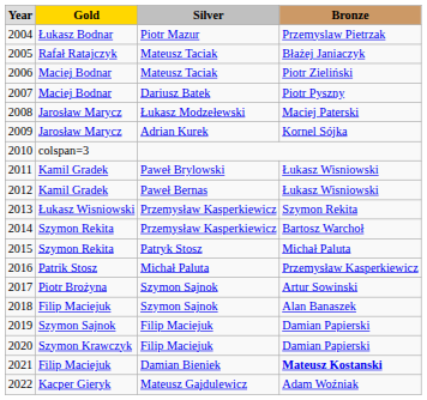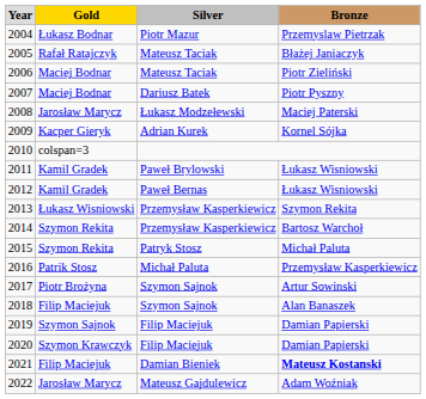 <table class="wikitable" style="text-align:left;">
 <tr>
 <td style="background:#DDDDDD; font-weight:bold; text-align:center;">Year</td>
 <td style="background:gold; font-weight:bold; text-align:center;">Gold</td>
 <td style="background:silver; font-weight:bold; text-align:center;">Silver</td>
 <td style="background:#cc9966; font-weight:bold; text-align:center;">Bronze</td>
 </tr>
 <tr>
 <td>2004</td>
 <td><a href='#'>Łukasz Bodnar</a></td>
 <td><a href='#'>Piotr Mazur</a></td>
 <td><a href='#'>Przemyslaw Pietrzak</a></td>
 </tr>
 <tr>
 <td>2005</td>
 <td><a href='#'>Rafał Ratajczyk</a></td>
 <td><a href='#'>Mateusz Taciak</a></td>
 <td><a href='#'>Błażej Janiaczyk</a></td>
 </tr>
 <tr>
 <td>2006</td>
 <td><a href='#'>Maciej Bodnar</a></td>
 <td><a href='#'>Mateusz Taciak</a></td>
 <td><a href='#'>Piotr Zieliński</a></td>
 </tr>
 <tr>
 <td>2007</td>
 <td><a href='#'>Maciej Bodnar</a></td>
 <td><a href='#'>Dariusz Batek</a></td>
 <td><a href='#'>Piotr Pyszny</a></td>
 </tr>
 <tr>
 <td>2008</td>
 <td><a href='#'>Jarosław Marycz</a></td>
 <td><a href='#'>Łukasz Modzełewski</a></td>
 <td><a href='#'>Maciej Paterski</a></td>
 </tr>
 <tr>
 <td>2009</td>
-<td><a href='#'>Jarosław Marycz</a></td>
+<td><a href='#'>Kacper Gieryk</a></td>
 <td><a href='#'>Adrian Kurek</a></td>
 <td><a href='#'>Kornel Sójka</a></td>
 </tr>
 <tr>
 <td>2010</td>
 <td>colspan=3 </td>
 </tr>
 <tr>
 <td>2011</td>
 <td><a href='#'>Kamil Gradek</a></td>
 <td><a href='#'>Paweł Brylowski</a></td>
 <td><a href='#'>Łukasz Wisniowski</a></td>
 </tr>
 <tr>
 <td>2012</td>
 <td><a href='#'>Kamil Gradek</a></td>
 <td><a href='#'>Paweł Bernas</a></td>
 <td><a href='#'>Łukasz Wisniowski</a></td>
 </tr>
 <tr>
 <td>2013</td>
 <td><a href='#'>Łukasz Wisniowski</a></td>
 <td><a href='#'>Przemysław Kasperkiewicz</a></td>
 <td><a href='#'>Szymon Rekita</a></td>
 </tr>
 <tr>
 <td>2014</td>
 <td><a href='#'>Szymon Rekita</a></td>
 <td><a href='#'>Przemysław Kasperkiewicz</a></td>
 <td><a href='#'>Bartosz Warchoł</a></td>
 </tr>
 <tr>
 <td>2015</td>
 <td><a href='#'>Szymon Rekita</a></td>
 <td><a href='#'>Patryk Stosz</a></td>
 <td><a href='#'>Michał Paluta</a></td>
 </tr>
 <tr>
 <td>2016</td>
 <td><a href='#'>Patrik Stosz</a></td>
 <td><a href='#'>Michał Paluta</a></td>
 <td><a href='#'>Przemysław Kasperkiewicz</a></td>
 </tr>
 <tr>
 <td>2017</td>
 <td><a href='#'>Piotr Brożyna</a></td>
 <td><a href='#'>Szymon Sajnok</a></td>
 <td><a href='#'>Artur Sowinski</a></td>
 </tr>
 <tr>
 <td>2018</td>
 <td><a href='#'>Filip Maciejuk</a></td>
 <td><a href='#'>Szymon Sajnok</a></td>
 <td><a href='#'>Alan Banaszek</a></td>
 </tr>
 <tr>
 <td>2019</td>
 <td><a href='#'>Szymon Sajnok</a></td>
 <td><a href='#'>Filip Maciejuk</a></td>
 <td><a href='#'>Damian Papierski</a></td>
 </tr>
 <tr>
 <td>2020</td>
 <td><a href='#'>Szymon Krawczyk</a></td>
 <td><a href='#'>Filip Maciejuk</a></td>
 <td><a href='#'>Damian Papierski</a></td>
 </tr>
 <tr>
 <td>2021</td>
 <td><a href='#'>Filip Maciejuk</a></td>
 <td><a href='#'>Damian Bieniek</a></td>
 <td><strong><a href='#'>Mateusz Kostanski</a></strong></td>
 </tr>
 <tr>
 <td>2022</td>
-<td><a href='#'>Kacper Gieryk</a></td>
+<td><a href='#'>Jarosław Marycz</a></td>
 <td><a href='#'>Mateusz Gajdulewicz</a></td>
 <td><a href='#'>Adam Woźniak</a></td>
 </tr>
 </table>
